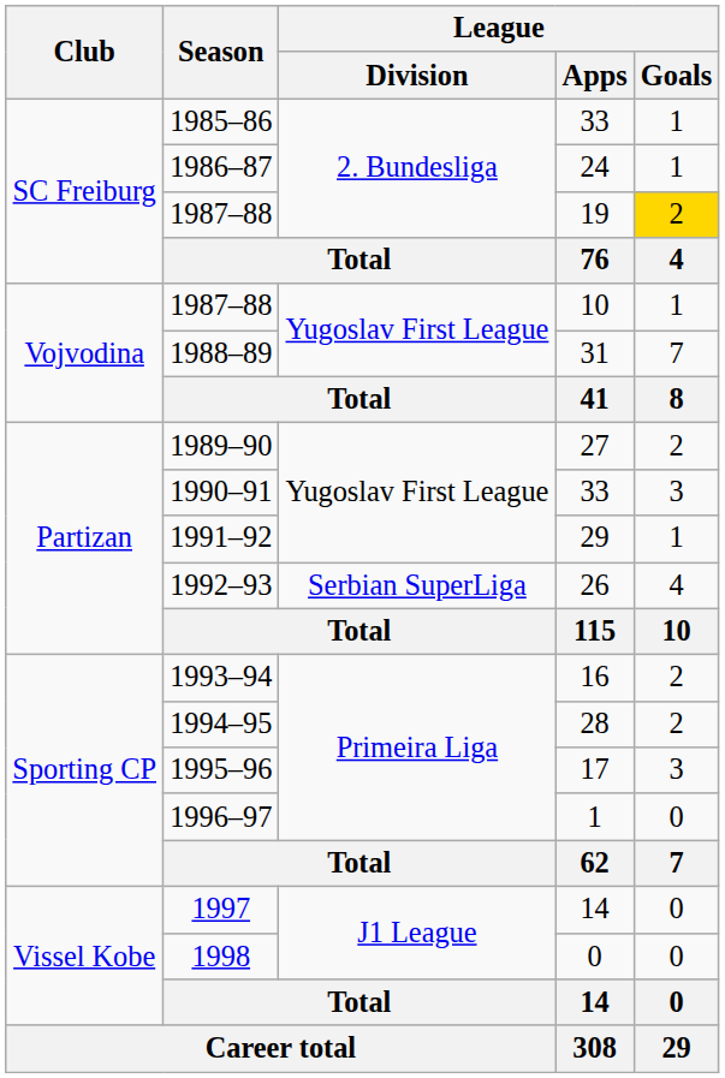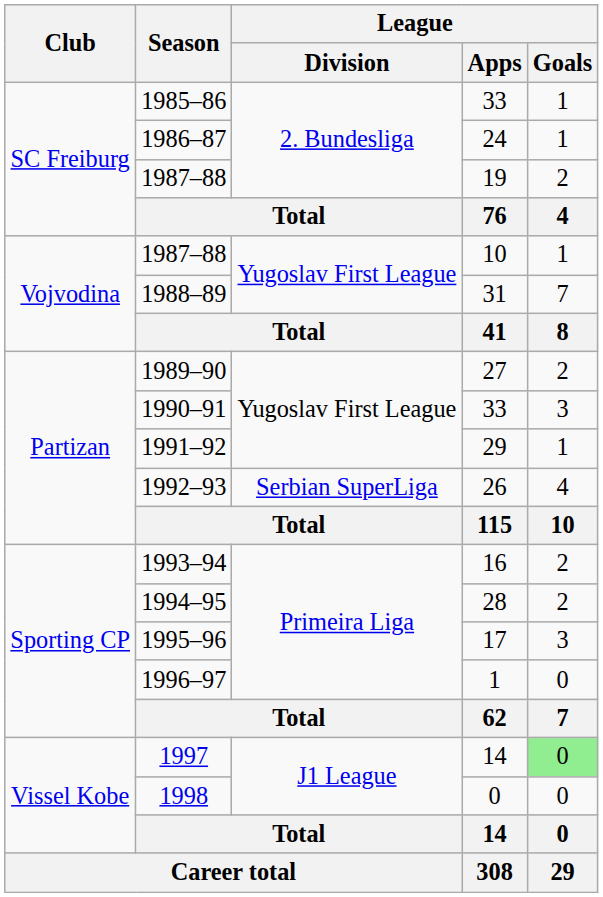 <table class="wikitable" style="text-align:center">
 <tr>
 <th rowspan="2">Club</th>
 <th rowspan="2">Season</th>
 <th colspan="3">League</th>
 </tr>
 <tr>
 <th>Division</th>
 <th>Apps</th>
 <th>Goals</th>
 </tr>
 <tr>
 <td rowspan="4"><a href='#'>SC Freiburg</a></td>
 <td>1985–86</td>
 <td rowspan="3"><a href='#'>2. Bundesliga</a></td>
 <td>33</td>
 <td>1</td>
 </tr>
 <tr>
 <td>1986–87</td>
 <td>24</td>
 <td>1</td>
 </tr>
 <tr>
 <td>1987–88</td>
 <td>19</td>
-<td style="background: gold;">2</td>
+<td>2</td>
 </tr>
 <tr>
 <th colspan="2">Total</th>
 <th>76</th>
 <th>4</th>
 </tr>
 <tr>
 <td rowspan="3"><a href='#'>Vojvodina</a></td>
 <td>1987–88</td>
 <td rowspan="2"><a href='#'>Yugoslav First League</a></td>
 <td>10</td>
 <td>1</td>
 </tr>
 <tr>
 <td>1988–89</td>
 <td>31</td>
 <td>7</td>
 </tr>
 <tr>
 <th colspan="2">Total</th>
 <th>41</th>
 <th>8</th>
 </tr>
 <tr>
 <td rowspan="5"><a href='#'>Partizan</a></td>
 <td>1989–90</td>
 <td rowspan="3">Yugoslav First League</td>
 <td>27</td>
 <td>2</td>
 </tr>
 <tr>
 <td>1990–91</td>
 <td>33</td>
 <td>3</td>
 </tr>
 <tr>
 <td>1991–92</td>
 <td>29</td>
 <td>1</td>
 </tr>
 <tr>
 <td>1992–93</td>
 <td><a href='#'>Serbian SuperLiga</a></td>
 <td>26</td>
 <td>4</td>
 </tr>
 <tr>
 <th colspan="2">Total</th>
 <th>115</th>
 <th>10</th>
 </tr>
 <tr>
 <td rowspan="5"><a href='#'>Sporting CP</a></td>
 <td>1993–94</td>
 <td rowspan="4"><a href='#'>Primeira Liga</a></td>
 <td>16</td>
 <td>2</td>
 </tr>
 <tr>
 <td>1994–95</td>
 <td>28</td>
 <td>2</td>
 </tr>
 <tr>
 <td>1995–96</td>
 <td>17</td>
 <td>3</td>
 </tr>
 <tr>
 <td>1996–97</td>
 <td>1</td>
 <td>0</td>
 </tr>
 <tr>
 <th colspan="2">Total</th>
 <th>62</th>
 <th>7</th>
 </tr>
 <tr>
 <td rowspan="3"><a href='#'>Vissel Kobe</a></td>
 <td><a href='#'>1997</a></td>
 <td rowspan="2"><a href='#'>J1 League</a></td>
 <td>14</td>
-<td>0</td>
+<td style="background: lightgreen;">0</td>
 </tr>
 <tr>
 <td><a href='#'>1998</a></td>
 <td>0</td>
 <td>0</td>
 </tr>
 <tr>
 <th colspan="2">Total</th>
 <th>14</th>
 <th>0</th>
 </tr>
 <tr>
 <th colspan="3">Career total</th>
 <th>308</th>
 <th>29</th>
 </tr>
 </table>
